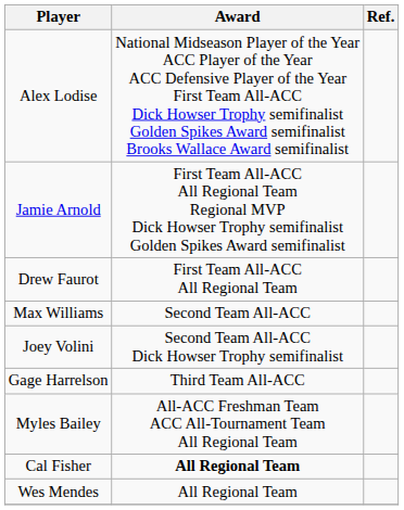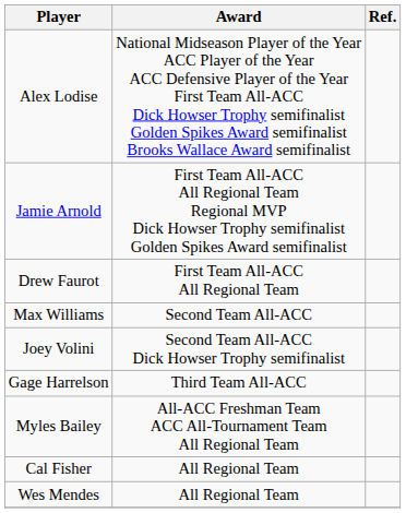 <table class="wikitable" style="text-align:center;">
 <tr>
 <th>Player</th>
 <th>Award</th>
 <th>Ref.</th>
 </tr>
 <tr>
 <td>Alex Lodise</td>
 <td>National Midseason Player of the Year<br>ACC Player of the Year<br>ACC Defensive Player of the Year<br>First Team All-ACC<br><a href='#'>Dick Howser Trophy</a> semifinalist<br><a href='#'>Golden Spikes Award</a> semifinalist<br><a href='#'>Brooks Wallace Award</a> semifinalist</td>
 <td> </td>
 </tr>
 <tr>
 <td><a href='#'>Jamie Arnold</a></td>
 <td>First Team All-ACC<br>All Regional Team<br>Regional MVP<br>Dick Howser Trophy semifinalist<br>Golden Spikes Award semifinalist</td>
 <td></td>
 </tr>
 <tr>
 <td>Drew Faurot</td>
 <td>First Team All-ACC<br>All Regional Team</td>
 <td></td>
 </tr>
 <tr>
 <td>Max Williams</td>
 <td>Second Team All-ACC</td>
 <td></td>
 </tr>
 <tr>
 <td>Joey Volini</td>
 <td>Second Team All-ACC<br>Dick Howser Trophy semifinalist</td>
 <td></td>
 </tr>
 <tr>
 <td>Gage Harrelson</td>
 <td>Third Team All-ACC</td>
 <td></td>
 </tr>
 <tr>
 <td>Myles Bailey</td>
 <td>All-ACC Freshman Team<br>ACC All-Tournament Team<br>All Regional Team</td>
 <td></td>
 </tr>
 <tr>
 <td>Cal Fisher</td>
-<td><strong>All Regional Team</strong></td>
+<td>All Regional Team</td>
 <td></td>
 </tr>
 <tr>
 <td>Wes Mendes</td>
 <td>All Regional Team</td>
 <td></td>
 </tr>
 <tr>
 </tr>
 </table>
